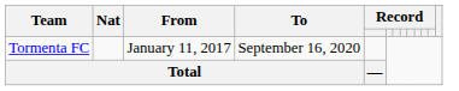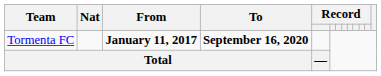 <table class="wikitable" style="text-align: center">
 <tr>
 <th rowspan="2">Team</th>
 <th rowspan="2">Nat</th>
 <th rowspan="2">From</th>
 <th rowspan="2">To</th>
 <th colspan="8">Record</th>
 <th rowspan=2></th>
 </tr>
 <tr>
 <th></th>
 <th></th>
 <th></th>
 <th></th>
 <th></th>
 <th></th>
 <th></th>
 <th></th>
 </tr>
 <tr>
 <td align=left><a href='#'>Tormenta FC</a></td>
 <td></td>
-<td align=left>January 11, 2017</td>
-<td align=left>September 16, 2020<br></td>
+<td align=left><strong>January 11, 2017</strong></td>
+<td align=left><strong>September 16, 2020<br></strong></td>
 <td></td>
 </tr>
 <tr>
 <th colspan="4">Total<br></th>
 <th>—</th>
 </tr>
 </table>
